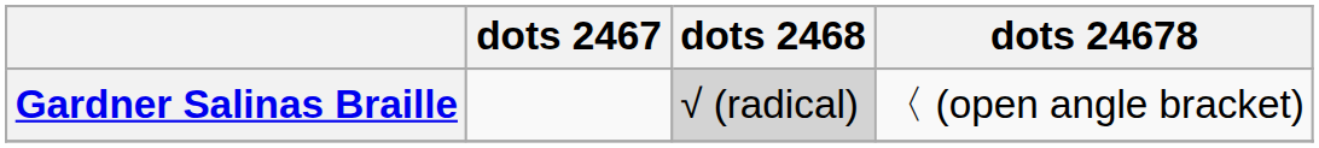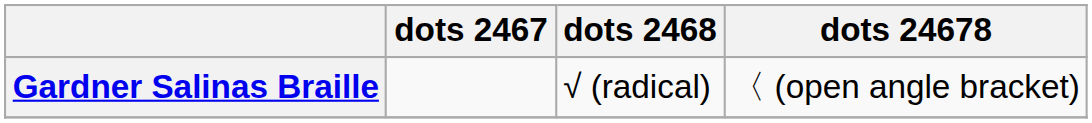 <table class="wikitable">
 <tr>
 <th></th>
 <th>dots 2467</th>
 <th>dots 2468</th>
 <th>dots 24678</th>
 </tr>
 <tr>
 <th align=left><a href='#'>Gardner Salinas Braille</a></th>
 <td></td>
-<td style="background: lightgrey;">√ (radical)</td>
+<td>√ (radical)</td>
 <td>〈 (open angle bracket)</td>
 </tr>
 <tr>
 </tr>
 <tr>
 </tr>
 </table>
